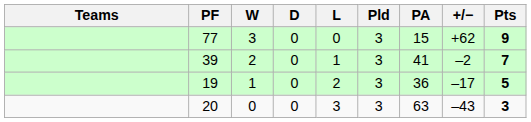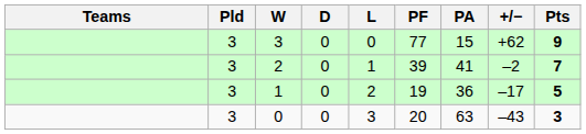 <table class="wikitable" style="text-align: center;">
 <tr>
 <th width="200">Teams</th>
-<th width="40">PF</th>
+<th width="40">Pld</th>
 <th width="40">W</th>
 <th width="40">D</th>
 <th width="40">L</th>
-<th width="40">Pld</th>
+<th width="40">PF</th>
 <th width="40">PA</th>
 <th width="40">+/−</th>
 <th width="40">Pts</th>
 </tr>
 <tr bgcolor=#ccffcc>
 <td align=left></td>
-<td>77</td>
+<td>3</td>
 <td>3</td>
 <td>0</td>
 <td>0</td>
-<td>3</td>
+<td>77</td>
 <td>15</td>
 <td>+62</td>
 <td><strong>9</strong></td>
 </tr>
 <tr bgcolor=#ccffcc>
 <td align=left></td>
-<td>39</td>
+<td>3</td>
 <td>2</td>
 <td>0</td>
 <td>1</td>
-<td>3</td>
+<td>39</td>
 <td>41</td>
 <td>–2</td>
 <td><strong>7</strong></td>
 </tr>
 <tr bgcolor=#ccffcc>
 <td align=left></td>
-<td>19</td>
+<td>3</td>
 <td>1</td>
 <td>0</td>
 <td>2</td>
-<td>3</td>
+<td>19</td>
 <td>36</td>
 <td>–17</td>
 <td><strong>5</strong></td>
 </tr>
 <tr>
 <td align=left></td>
-<td>20</td>
+<td>3</td>
 <td>0</td>
 <td>0</td>
 <td>3</td>
-<td>3</td>
+<td>20</td>
 <td>63</td>
 <td>–43</td>
 <td><strong>3</strong></td>
 </tr>
 </table>
